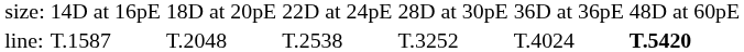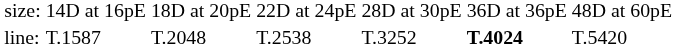 <table style="margin-left:40px;">
 <tr>
 <td>size:</td>
 <td>14D at 16pE</td>
 <td>18D at 20pE</td>
 <td>22D at 24pE</td>
 <td>28D at 30pE</td>
 <td>36D at 36pE</td>
 <td>48D at 60pE</td>
 </tr>
 <tr>
 <td>line:</td>
 <td>T.1587</td>
 <td>T.2048</td>
 <td>T.2538</td>
 <td>T.3252</td>
-<td>T.4024</td>
-<td><strong>T.5420</strong></td>
+<td><strong>T.4024</strong></td>
+<td>T.5420</td>
 </tr>
 </table>
